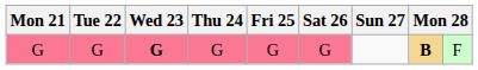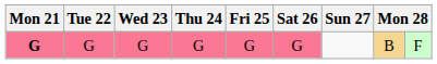 <table class="wikitable" style="margin:0.5em auto; font-size:90%; line-height:1.25em; text-align:center">
 <tr>
 <th>Mon 21</th>
 <th>Tue 22</th>
 <th>Wed 23</th>
 <th>Thu 24</th>
 <th>Fri 25</th>
 <th>Sat 26</th>
 <th>Sun 27</th>
 <th colspan="2">Mon 28</th>
 </tr>
 <tr>
-<td bgcolor="#FA7894">G</td>
-<td bgcolor="#FA7894">G</td>
 <td bgcolor="#FA7894"><strong>G</strong></td>
 <td bgcolor="#FA7894">G</td>
 <td bgcolor="#FA7894">G</td>
 <td bgcolor="#FA7894">G</td>
+<td bgcolor="#FA7894">G</td>
+<td bgcolor="#FA7894">G</td>
 <td></td>
-<td bgcolor="#F6D792"><strong>B</strong></td>
+<td bgcolor="#F6D792">B</td>
 <td bgcolor="#ccffcc">F</td>
 </tr>
 </table>
